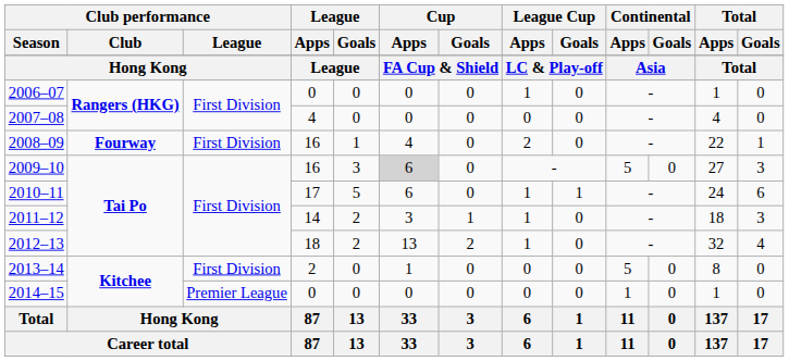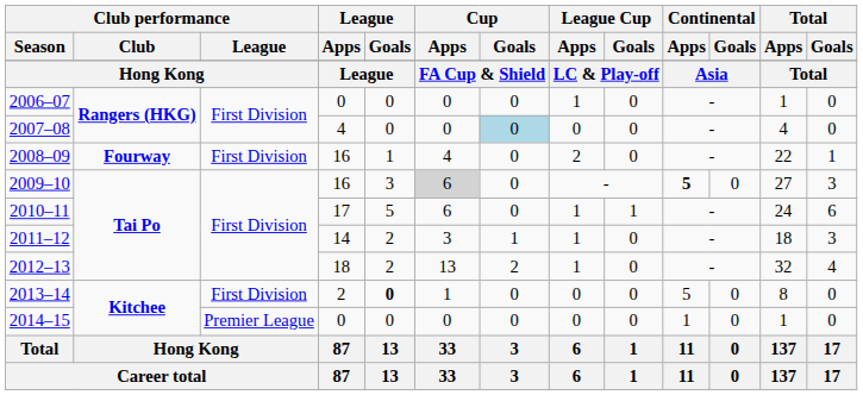 <table class="wikitable" style="text-align:center">
 <tr>
 <th colspan=3>Club performance</th>
 <th colspan=2>League</th>
 <th colspan=2>Cup</th>
 <th colspan=2>League Cup</th>
 <th colspan=2>Continental</th>
 <th colspan=2>Total</th>
 </tr>
 <tr>
 <th>Season</th>
 <th>Club</th>
 <th>League</th>
 <th>Apps</th>
 <th>Goals</th>
 <th>Apps</th>
 <th>Goals</th>
 <th>Apps</th>
 <th>Goals</th>
 <th>Apps</th>
 <th>Goals</th>
 <th>Apps</th>
 <th>Goals</th>
 </tr>
 <tr>
 </tr>
 <tr>
 <th colspan=3>Hong Kong</th>
 <th colspan=2>League</th>
 <th colspan=2><a href='#'>FA Cup</a> & <a href='#'>Shield</a></th>
 <th colspan=2><a href='#'>LC</a> & <a href='#'>Play-off</a></th>
 <th colspan=2><a href='#'>Asia</a></th>
 <th colspan=2>Total</th>
 </tr>
 <tr>
 <td><a href='#'>2006–07</a></td>
 <td rowspan="2"><strong><a href='#'>Rangers (HKG)</a></strong></td>
 <td rowspan="2"><a href='#'>First Division</a></td>
 <td>0</td>
 <td>0</td>
 <td>0</td>
 <td>0</td>
 <td>1</td>
 <td>0</td>
 <td colspan="2">-</td>
 <td>1</td>
 <td>0</td>
 </tr>
 <tr>
 <td><a href='#'>2007–08</a></td>
 <td>4</td>
 <td>0</td>
 <td>0</td>
-<td>0</td>
+<td style="background: lightblue;">0</td>
 <td>0</td>
 <td>0</td>
 <td colspan="2">-</td>
 <td>4</td>
 <td>0</td>
 </tr>
 <tr>
 <td><a href='#'>2008–09</a></td>
 <td><strong><a href='#'>Fourway</a></strong></td>
 <td><a href='#'>First Division</a></td>
 <td>16</td>
 <td>1</td>
 <td>4</td>
 <td>0</td>
 <td>2</td>
 <td>0</td>
 <td colspan="2">-</td>
 <td>22</td>
 <td>1</td>
 </tr>
 <tr>
 <td><a href='#'>2009–10</a></td>
 <td rowspan="4"><strong><a href='#'>Tai Po</a></strong></td>
 <td rowspan="4"><a href='#'>First Division</a></td>
 <td>16</td>
 <td>3</td>
 <td style="background: lightgrey;">6</td>
 <td>0</td>
 <td colspan="2">-</td>
-<td>5</td>
+<td><strong>5</strong></td>
 <td>0</td>
 <td>27</td>
 <td>3</td>
 </tr>
 <tr>
 <td><a href='#'>2010–11</a></td>
 <td>17</td>
 <td>5</td>
 <td>6</td>
 <td>0</td>
 <td>1</td>
 <td>1</td>
 <td colspan="2">-</td>
 <td>24</td>
 <td>6</td>
 </tr>
 <tr>
 <td><a href='#'>2011–12</a></td>
 <td>14</td>
 <td>2</td>
 <td>3</td>
 <td>1</td>
 <td>1</td>
 <td>0</td>
 <td colspan="2">-</td>
 <td>18</td>
 <td>3</td>
 </tr>
 <tr>
 <td><a href='#'>2012–13</a></td>
 <td>18</td>
 <td>2</td>
 <td>13</td>
 <td>2</td>
 <td>1</td>
 <td>0</td>
 <td colspan="2">-</td>
 <td>32</td>
 <td>4</td>
 </tr>
 <tr>
 <td><a href='#'>2013–14</a></td>
 <td rowspan="2"><strong><a href='#'>Kitchee</a></strong></td>
 <td><a href='#'>First Division</a></td>
 <td>2</td>
-<td>0</td>
+<td><strong>0</strong></td>
 <td>1</td>
 <td>0</td>
 <td>0</td>
 <td>0</td>
 <td>5</td>
 <td>0</td>
 <td>8</td>
 <td>0</td>
 </tr>
 <tr>
 <td><a href='#'>2014–15</a></td>
 <td rowspan="1"><a href='#'>Premier League</a></td>
 <td>0</td>
 <td>0</td>
 <td>0</td>
 <td>0</td>
 <td>0</td>
 <td>0</td>
 <td>1</td>
 <td>0</td>
 <td>1</td>
 <td>0</td>
 </tr>
 <tr>
 <th rowspan=1>Total</th>
 <th colspan=2>Hong Kong</th>
 <th>87</th>
 <th>13</th>
 <th>33</th>
 <th>3</th>
 <th>6</th>
 <th>1</th>
 <th>11</th>
 <th>0</th>
 <th>137</th>
 <th>17</th>
 </tr>
 <tr>
 <th colspan=3>Career total</th>
 <th>87</th>
 <th>13</th>
 <th>33</th>
 <th>3</th>
 <th>6</th>
 <th>1</th>
 <th>11</th>
 <th>0</th>
 <th>137</th>
 <th>17</th>
 </tr>
 </table>
